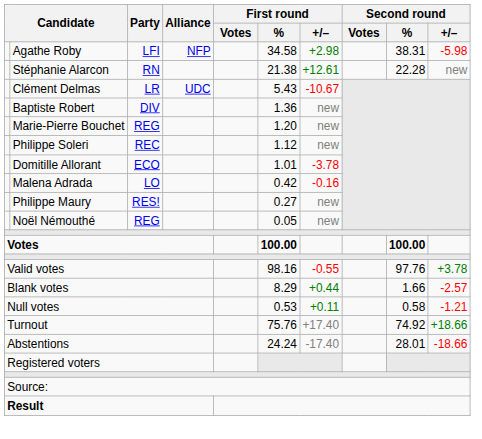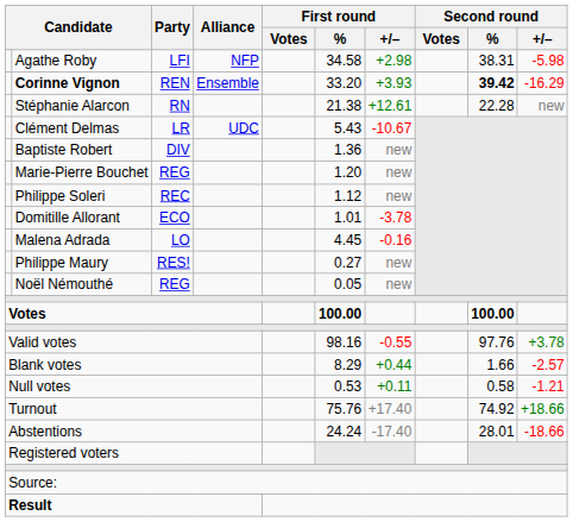 <table class="wikitable" style="text-align:right;font-size:95%;">
 <tr>
 <th rowspan="2" colspan="2">Candidate</th>
 <th colspan="1" rowspan="2">Party</th>
 <th colspan="1" rowspan="2">Alliance</th>
 <th colspan="3">First round</th>
 <th colspan="3">Second round</th>
 </tr>
 <tr>
 <th style="width:50px;">Votes</th>
 <th style="width:45px;">%</th>
 <th style="width:45px;">+/–</th>
 <th style="width:50px;">Votes</th>
 <th style="width:45px;">%</th>
 <th style="width:45px;">+/–</th>
 </tr>
 <tr>
 <td style="color:inherit;background:"></td>
 <td style="text-align:left;">Agathe Roby</td>
 <td><a href='#'>LFI</a></td>
 <td><a href='#'>NFP</a></td>
 <td></td>
 <td>34.58</td>
 <td style="color:green;">+2.98</td>
 <td></td>
 <td>38.31</td>
 <td style="color:red;">-5.98</td>
+</tr>
+<tr>
+<td style="color:inherit;background:"></td>
+<td style="text-align:left;"><strong>Corinne Vignon</strong></td>
+<td><a href='#'>REN</a></td>
+<td><a href='#'>Ensemble</a></td>
+<td></td>
+<td>33.20</td>
+<td style="color:green;">+3.93</td>
+<td><strong></strong></td>
+<td><strong>39.42</strong></td>
+<td style="color:red;">-16.29</td>
 </tr>
 <tr>
 <td style="color:inherit;background:"></td>
 <td style="text-align:left;">Stéphanie Alarcon</td>
 <td><a href='#'>RN</a></td>
 <td></td>
 <td></td>
 <td>21.38</td>
 <td style="color:green;">+12.61</td>
 <td></td>
 <td>22.28</td>
 <td style="color:grey;">new</td>
 </tr>
 <tr>
 <td style="color:inherit;background:"></td>
 <td style="text-align:left;">Clément Delmas</td>
 <td><a href='#'>LR</a></td>
 <td><a href='#'>UDC</a></td>
 <td></td>
 <td>5.43</td>
 <td style="color:red;">-10.67</td>
 <td colspan="3" rowspan="8" style="background:#E9E9E9;"></td>
 </tr>
 <tr>
 <td style="color:inherit;background:"></td>
 <td style="text-align:left;">Baptiste Robert</td>
 <td><a href='#'>DIV</a></td>
 <td></td>
 <td></td>
 <td>1.36</td>
 <td style="color:grey;">new</td>
 </tr>
 <tr>
 <td style="color:inherit;background:"></td>
 <td style="text-align:left;">Marie-Pierre Bouchet</td>
 <td><a href='#'>REG</a></td>
 <td></td>
 <td></td>
 <td>1.20</td>
 <td style="color:grey;">new</td>
 </tr>
 <tr>
 <td style="color:inherit;background:"></td>
 <td style="text-align:left;">Philippe Soleri</td>
 <td><a href='#'>REC</a></td>
 <td></td>
 <td></td>
 <td>1.12</td>
 <td style="color:grey;">new</td>
 </tr>
 <tr>
 <td style="color:inherit;background:"></td>
 <td style="text-align:left;">Domitille Allorant</td>
 <td><a href='#'>ECO</a></td>
 <td></td>
 <td></td>
 <td>1.01</td>
 <td style="color:red;">-3.78</td>
 </tr>
 <tr>
 <td style="color:inherit;background:"></td>
 <td style="text-align:left;">Malena Adrada</td>
 <td><a href='#'>LO</a></td>
 <td></td>
 <td></td>
-<td>0.42</td>
+<td>4.45</td>
 <td style="color:red;">-0.16</td>
 </tr>
 <tr>
 <td style="color:inherit;background:"></td>
 <td style="text-align:left;">Philippe Maury</td>
 <td><a href='#'>RES!</a></td>
 <td></td>
 <td></td>
 <td>0.27</td>
 <td style="color:grey;">new</td>
 </tr>
 <tr>
 <td style="color:inherit;background:"></td>
 <td style="text-align:left;">Noël Némouthé</td>
 <td><a href='#'>REG</a></td>
 <td></td>
 <td></td>
 <td>0.05</td>
 <td style="color:grey;">new</td>
 </tr>
 <tr>
 <td colspan="10" style="background:#E9E9E9;"></td>
 </tr>
 <tr style="font-weight:bold;">
 <td colspan="4" style="text-align:left;">Votes</td>
 <td></td>
 <td>100.00</td>
 <td></td>
 <td></td>
 <td>100.00</td>
 <td></td>
 </tr>
 <tr>
 <td colspan="10" style="background:#E9E9E9;"></td>
 </tr>
 <tr>
 <td colspan="4" style="text-align:left;">Valid votes</td>
 <td></td>
 <td>98.16</td>
 <td style="color:red;">-0.55</td>
 <td></td>
 <td>97.76</td>
 <td style="color:green;">+3.78</td>
 </tr>
 <tr>
 <td colspan="4" style="text-align:left;">Blank votes</td>
 <td></td>
 <td>8.29</td>
 <td style="color:green;">+0.44</td>
 <td></td>
 <td>1.66</td>
 <td style="color:red;">-2.57</td>
 </tr>
 <tr>
 <td colspan="4" style="text-align:left;">Null votes</td>
 <td></td>
 <td>0.53</td>
 <td style="color:green;">+0.11</td>
 <td></td>
 <td>0.58</td>
 <td style="color:red;">-1.21</td>
 </tr>
 <tr>
 <td colspan="4" style="text-align:left;">Turnout</td>
 <td></td>
 <td>75.76</td>
 <td style="color:grey;">+17.40</td>
 <td></td>
 <td>74.92</td>
 <td style="color:green;">+18.66</td>
 </tr>
 <tr>
 <td colspan="4" style="text-align:left;">Abstentions</td>
 <td></td>
 <td>24.24</td>
 <td style="color:grey;">-17.40</td>
 <td></td>
 <td>28.01</td>
 <td style="color:red;">-18.66</td>
 </tr>
 <tr>
 <td colspan="4" style="text-align:left;">Registered voters</td>
 <td></td>
 <td colspan="2" style="background:#E9E9E9;"></td>
 <td></td>
 <td colspan="2" style="background:#E9E9E9;"></td>
 </tr>
 <tr>
 <td colspan="10" style="background:#E9E9E9;"></td>
 </tr>
 <tr>
 <td colspan="10" style="text-align:left;">Source: </td>
 </tr>
 <tr style="font-weight:bold">
 <td colspan="4" style="text-align:left;">Result</td>
 <td colspan="6" style="background-color:"></td>
 </tr>
 </table>
